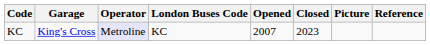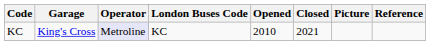 <table class="wikitable">
 <tr>
 <th>Code</th>
 <th>Garage</th>
 <th>Operator</th>
 <th>London Buses Code</th>
 <th>Opened</th>
 <th>Closed</th>
 <th>Picture</th>
 <th>Reference</th>
 </tr>
 <tr>
 <td>KC</td>
 <td><a href='#'>King's Cross</a></td>
 <td style="background: lavender;">Metroline</td>
 <td>KC</td>
-<td>2007</td>
-<td>2023</td>
+<td>2010</td>
+<td>2021</td>
 <td></td>
 <td></td>
 </tr>
 </table>
